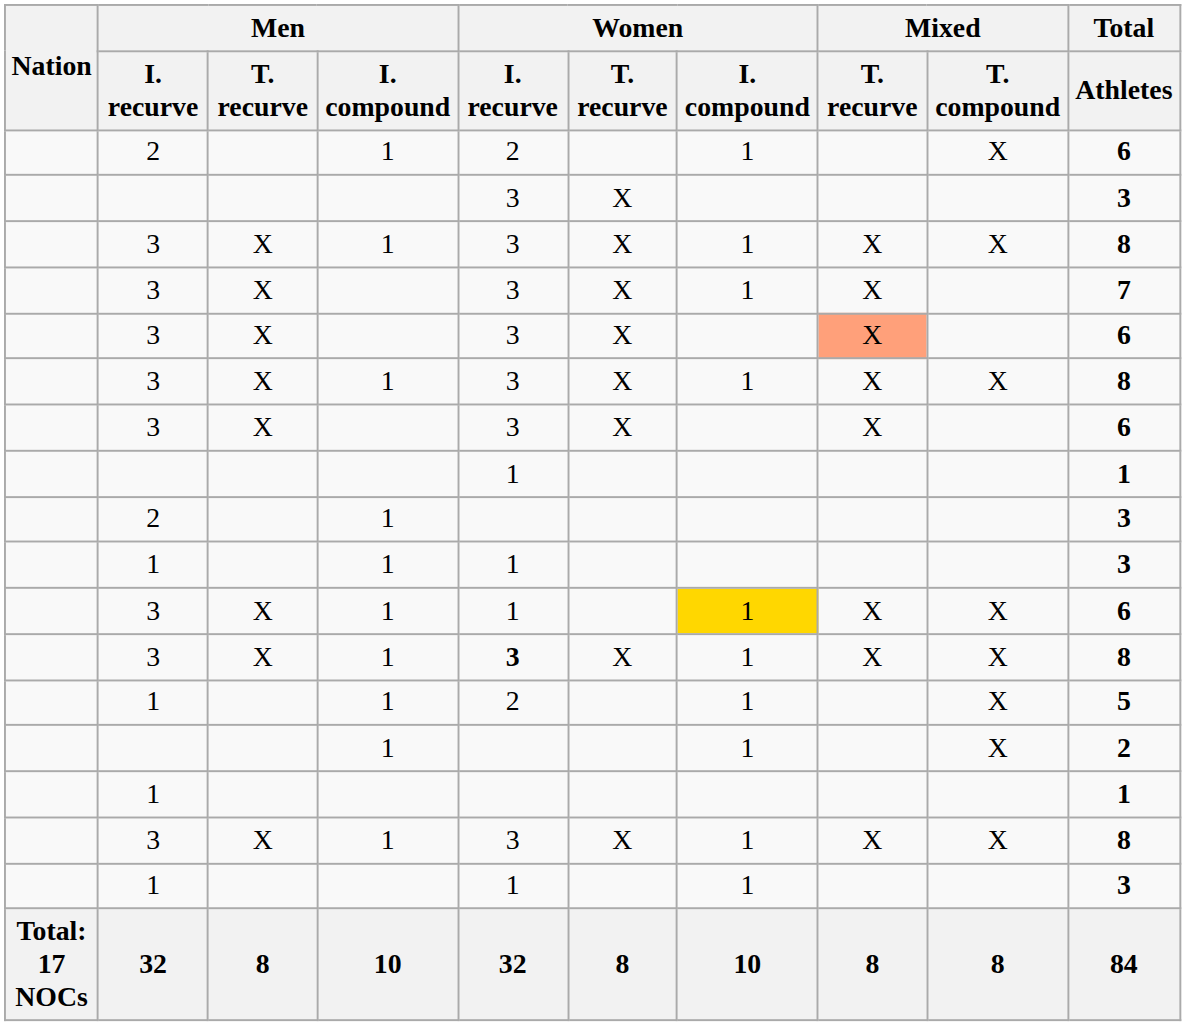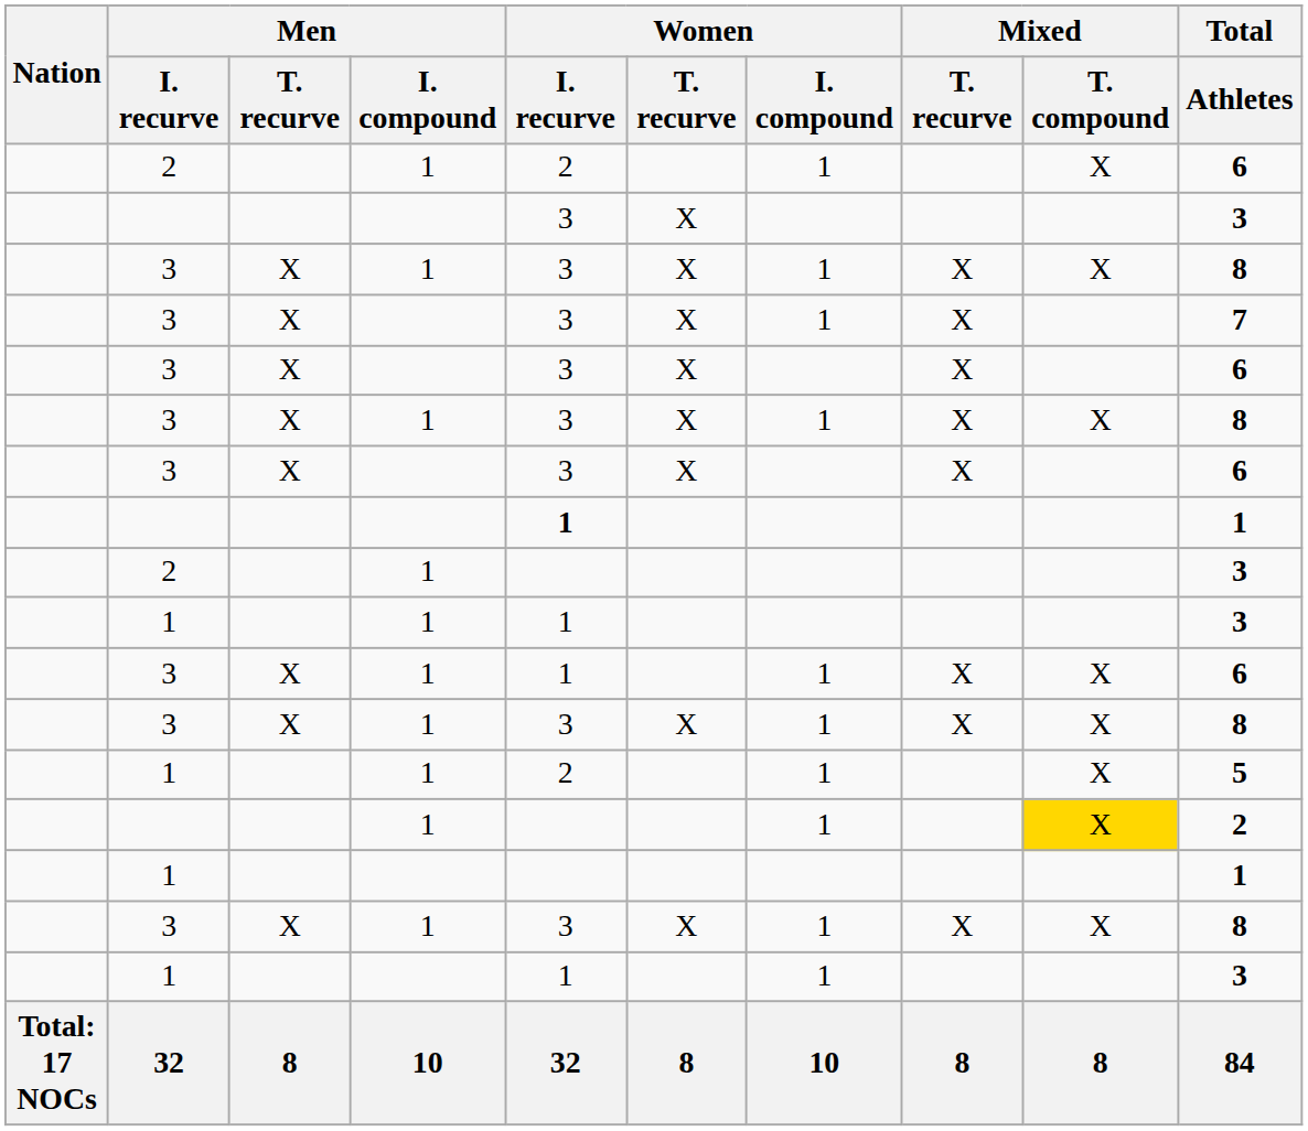 <table class="wikitable" style="text-align:center; font-size:90%">
 <tr>
 <th rowspan="2" align="left">Nation</th>
 <th colspan="3">Men</th>
 <th colspan="3">Women</th>
 <th colspan="2">Mixed</th>
 <th>Total</th>
 </tr>
 <tr>
 <th width=75>I. recurve</th>
 <th width=75>T. recurve</th>
 <th width=75>I. compound</th>
 <th width=75>I. recurve</th>
 <th width=75>T. recurve</th>
 <th width=75>I. compound</th>
 <th width=75>T. recurve</th>
 <th width=78>T. compound</th>
 <th width=55>Athletes</th>
 </tr>
 <tr>
 <td align=left></td>
 <td>2</td>
 <td></td>
 <td>1</td>
 <td>2</td>
 <td></td>
 <td>1</td>
 <td></td>
 <td>X</td>
 <td><strong>6</strong></td>
 </tr>
 <tr>
 <td align=left></td>
 <td></td>
 <td></td>
 <td></td>
 <td>3</td>
 <td>X</td>
 <td></td>
 <td></td>
 <td></td>
 <td><strong>3</strong></td>
 </tr>
 <tr>
 <td align=left></td>
 <td>3</td>
 <td>X</td>
 <td>1</td>
 <td>3</td>
 <td>X</td>
 <td>1</td>
 <td>X</td>
 <td>X</td>
 <td><strong>8</strong></td>
 </tr>
 <tr>
 <td align=left></td>
 <td>3</td>
 <td>X</td>
 <td></td>
 <td>3</td>
 <td>X</td>
 <td>1</td>
 <td>X</td>
 <td></td>
 <td><strong>7</strong></td>
 </tr>
 <tr>
 <td align=left></td>
 <td>3</td>
 <td>X</td>
 <td></td>
 <td>3</td>
 <td>X</td>
 <td></td>
-<td style="background: lightsalmon;">X</td>
+<td>X</td>
 <td></td>
 <td><strong>6</strong></td>
 </tr>
 <tr>
 <td align=left></td>
 <td>3</td>
 <td>X</td>
 <td>1</td>
 <td>3</td>
 <td>X</td>
 <td>1</td>
 <td>X</td>
 <td>X</td>
 <td><strong>8</strong></td>
 </tr>
 <tr>
 <td align=left></td>
 <td>3</td>
 <td>X</td>
 <td></td>
 <td>3</td>
 <td>X</td>
 <td></td>
 <td>X</td>
 <td></td>
 <td><strong>6</strong></td>
 </tr>
 <tr>
 <td align=left></td>
 <td></td>
 <td></td>
 <td></td>
-<td>1</td>
+<td><strong>1</strong></td>
 <td></td>
 <td></td>
 <td></td>
 <td></td>
 <td><strong>1</strong></td>
 </tr>
 <tr>
 <td align=left></td>
 <td>2</td>
 <td></td>
 <td>1</td>
 <td></td>
 <td></td>
 <td></td>
 <td></td>
 <td></td>
 <td><strong>3</strong></td>
 </tr>
 <tr>
 <td align=left></td>
 <td>1</td>
 <td></td>
 <td>1</td>
 <td>1</td>
 <td></td>
 <td></td>
 <td></td>
 <td></td>
 <td><strong>3</strong></td>
 </tr>
 <tr>
 <td align=left></td>
 <td>3</td>
 <td>X</td>
 <td>1</td>
 <td>1</td>
 <td></td>
-<td style="background: gold;">1</td>
+<td>1</td>
 <td>X</td>
 <td>X</td>
 <td><strong>6</strong></td>
 </tr>
 <tr>
 <td align=left></td>
 <td>3</td>
 <td>X</td>
 <td>1</td>
-<td><strong>3</strong></td>
+<td>3</td>
 <td>X</td>
 <td>1</td>
 <td>X</td>
 <td>X</td>
 <td><strong>8</strong></td>
 </tr>
 <tr>
 <td align=left></td>
 <td>1</td>
 <td></td>
 <td>1</td>
 <td>2</td>
 <td></td>
 <td>1</td>
 <td></td>
 <td>X</td>
 <td><strong>5</strong></td>
 </tr>
 <tr>
 <td align=left></td>
 <td></td>
 <td></td>
 <td>1</td>
 <td></td>
 <td></td>
 <td>1</td>
 <td></td>
-<td>X</td>
+<td style="background: gold;">X</td>
 <td><strong>2</strong></td>
 </tr>
 <tr>
 <td align=left></td>
 <td>1</td>
 <td></td>
 <td></td>
 <td></td>
 <td></td>
 <td></td>
 <td></td>
 <td></td>
 <td><strong>1</strong></td>
 </tr>
 <tr>
 <td align=left></td>
 <td>3</td>
 <td>X</td>
 <td>1</td>
 <td>3</td>
 <td>X</td>
 <td>1</td>
 <td>X</td>
 <td>X</td>
 <td><strong>8</strong></td>
 </tr>
 <tr>
 <td align=left></td>
 <td>1</td>
 <td></td>
 <td></td>
 <td>1</td>
 <td></td>
 <td>1</td>
 <td></td>
 <td></td>
 <td><strong>3</strong></td>
 </tr>
 <tr>
 <th>Total: 17 NOCs</th>
 <th>32</th>
 <th>8</th>
 <th>10</th>
 <th>32</th>
 <th>8</th>
 <th>10</th>
 <th>8</th>
 <th>8</th>
 <th>84</th>
 </tr>
 </table>
